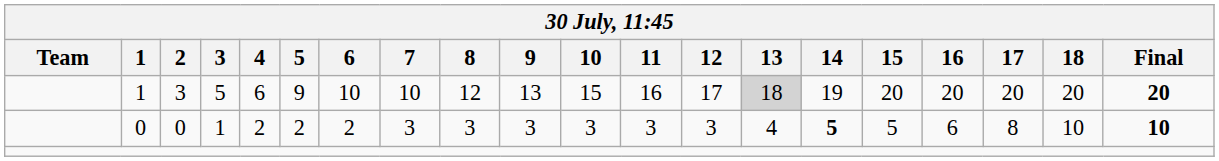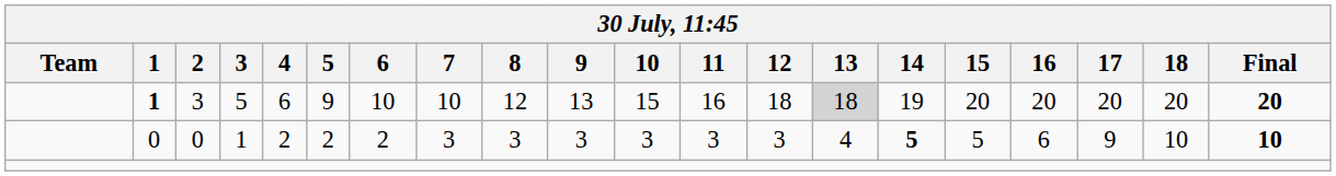 <table class=wikitable style="text-align:center; width: 55%">
 <tr>
 <th colspan=20><em>30 July, 11:45</em></th>
 </tr>
 <tr>
 <th>Team</th>
 <th>1</th>
 <th>2</th>
 <th>3</th>
 <th>4</th>
 <th>5</th>
 <th>6</th>
 <th>7</th>
 <th>8</th>
 <th>9</th>
 <th>10</th>
 <th>11</th>
 <th>12</th>
 <th>13</th>
 <th>14</th>
 <th>15</th>
 <th>16</th>
 <th>17</th>
 <th>18</th>
 <th>Final</th>
 </tr>
 <tr>
 <td align=left><strong></strong></td>
-<td>1</td>
+<td><strong>1</strong></td>
 <td>3</td>
 <td>5</td>
 <td>6</td>
 <td>9</td>
 <td>10</td>
 <td>10</td>
 <td>12</td>
 <td>13</td>
 <td>15</td>
 <td>16</td>
-<td>17</td>
+<td>18</td>
 <td style="background: lightgrey;">18</td>
 <td>19</td>
 <td>20</td>
 <td>20</td>
 <td>20</td>
 <td>20</td>
 <td><strong>20</strong></td>
 </tr>
 <tr>
 <td align=left></td>
 <td>0</td>
 <td>0</td>
 <td>1</td>
 <td>2</td>
 <td>2</td>
 <td>2</td>
 <td>3</td>
 <td>3</td>
 <td>3</td>
 <td>3</td>
 <td>3</td>
 <td>3</td>
 <td>4</td>
 <td><strong>5</strong></td>
 <td>5</td>
 <td>6</td>
-<td>8</td>
+<td>9</td>
 <td>10</td>
 <td><strong>10</strong></td>
 </tr>
 <tr>
 <td colspan=20></td>
 </tr>
 </table>
